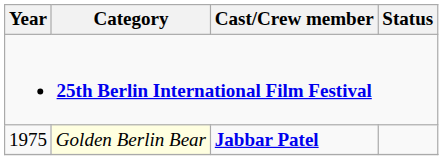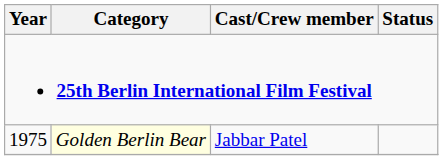 <table class="wikitable">
 <tr>
 <th>Year</th>
 <th>Category</th>
 <th>Cast/Crew member</th>
 <th>Status</th>
 </tr>
 <tr>
 <td colspan="4"><br><ul><li><strong><a href='#'>25th Berlin International Film Festival</a></strong></li></ul></td>
 </tr>
 <tr>
 <td>1975</td>
 <td style="background: lightyellow;"><em>Golden Berlin Bear</em></td>
-<td><strong><a href='#'>Jabbar Patel</a></strong></td>
+<td><a href='#'>Jabbar Patel</a></td>
 <td></td>
 </tr>
 <tr>
 </tr>
 </table>
